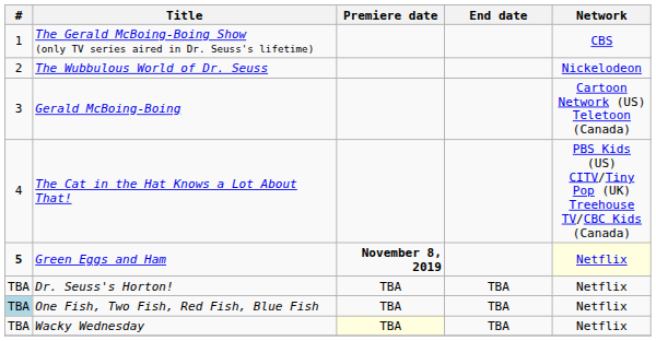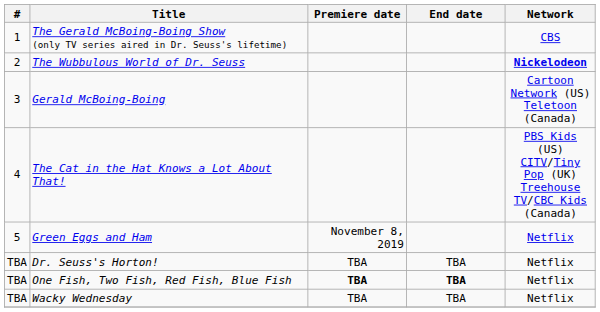 <table class="wikitable sortable">
 <tr>
 <th width=10>#</th>
 <th width=321>Title</th>
 <th width=110>Premiere date</th>
 <th width=110>End date</th>
 <th width=100>Network</th>
 </tr>
 <tr>
 <td align="center">1</td>
 <td><em><a href='#'>The Gerald McBoing-Boing Show</a></em><br><small>(only TV series aired in Dr. Seuss's lifetime)</small></td>
 <td align=right></td>
 <td align=right></td>
 <td align="center"><a href='#'>CBS</a></td>
 </tr>
 <tr>
 <td align="center">2</td>
 <td><em><a href='#'>The Wubbulous World of Dr. Seuss</a></em></td>
 <td align=right></td>
 <td align=right></td>
-<td align="center"><a href='#'>Nickelodeon</a></td>
+<td align="center"><strong><a href='#'>Nickelodeon</a></strong></td>
 </tr>
 <tr>
 <td align="center">3</td>
 <td><em><a href='#'>Gerald McBoing-Boing</a></em></td>
 <td align=right></td>
 <td align=right></td>
 <td align="center"><a href='#'>Cartoon Network</a> (US)<br><a href='#'>Teletoon</a> (Canada)</td>
 </tr>
 <tr>
 <td align="center">4</td>
 <td><em><a href='#'>The Cat in the Hat Knows a Lot About That!</a></em></td>
 <td align=right></td>
 <td align=right></td>
 <td align="center"><a href='#'>PBS Kids</a> (US)<br><a href='#'>CITV</a>/<a href='#'>Tiny Pop</a> (UK)<br><a href='#'>Treehouse TV</a>/<a href='#'>CBC Kids</a> (Canada)</td>
 </tr>
 <tr>
-<td align="center"><strong>5</strong></td>
+<td align="center">5</td>
 <td><em><a href='#'>Green Eggs and Ham</a></em></td>
-<td align=right><strong>November 8, 2019</strong></td>
+<td align=right>November 8, 2019</td>
 <td align=right></td>
-<td align="center" style="background: lightyellow;"><a href='#'>Netflix</a></td>
+<td align="center"><a href='#'>Netflix</a></td>
 </tr>
 <tr>
 <td align="center">TBA</td>
 <td><em>Dr. Seuss's Horton!</em></td>
 <td align=center>TBA</td>
 <td align=center>TBA</td>
 <td align="center">Netflix</td>
 </tr>
 <tr>
-<td align="center" style="background: lightblue;">TBA</td>
+<td align="center">TBA</td>
 <td><em>One Fish, Two Fish, Red Fish, Blue Fish</em></td>
-<td align=center>TBA</td>
-<td align=center>TBA</td>
+<td align=center><strong>TBA</strong></td>
+<td align=center><strong>TBA</strong></td>
 <td align="center">Netflix</td>
 </tr>
 <tr>
 <td align="center">TBA</td>
 <td><em>Wacky Wednesday</em></td>
-<td align=center style="background: lightyellow;">TBA</td>
+<td align=center>TBA</td>
 <td align=center>TBA</td>
 <td align="center">Netflix</td>
 </tr>
 <tr>
 </tr>
 </table>
